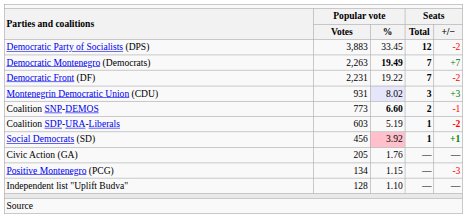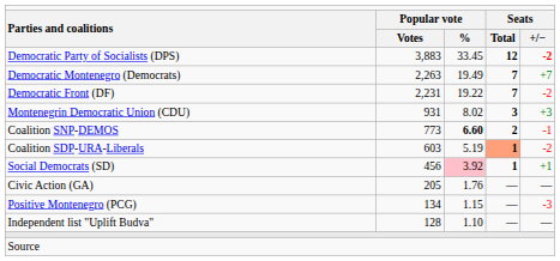 <table class="wikitable" style="text-align:right; font-size:98%; margin-bottom:0">
 <tr>
 <td colspan="6"></td>
 </tr>
 <tr>
 <th style="text-align:left;" rowspan="2" width="500">Parties and coalitions</th>
 <th colspan="2">Popular vote</th>
 <th colspan="2">Seats</th>
 </tr>
 <tr>
 <th width="85">Votes</th>
 <th width="50">%</th>
 <th width="40">Total</th>
 <th width="40">+/−</th>
 </tr>
 <tr>
 <td align="left"><a href='#'>Democratic Party of Socialists</a> (DPS)</td>
 <td>3,883</td>
 <td>33.45</td>
 <td><strong>12</strong></td>
-<td style="color:red;">-2</td>
+<td style="color:red;"><strong>-2</strong></td>
 </tr>
 <tr>
 <td align="left"><a href='#'>Democratic Montenegro</a> (Democrats)</td>
 <td>2,263</td>
-<td><strong>19.49</strong></td>
+<td>19.49</td>
 <td><strong>7</strong></td>
 <td style="color:green;">+7</td>
 </tr>
 <tr>
 <td align="left"><a href='#'>Democratic Front</a> (DF)</td>
 <td>2,231</td>
 <td>19.22</td>
 <td><strong>7</strong></td>
 <td style="color:red;">-2</td>
 </tr>
 <tr>
 <td align="left"><a href='#'>Montenegrin Democratic Union</a> (CDU)</td>
 <td>931</td>
-<td style="background: lavender;">8.02</td>
+<td>8.02</td>
 <td><strong>3</strong></td>
 <td style="color:green;">+3</td>
 </tr>
 <tr>
 <td align="left">Coalition <a href='#'>SNP</a>-<a href='#'>DEMOS</a></td>
 <td>773</td>
 <td><strong>6.60</strong></td>
 <td><strong>2</strong></td>
 <td style="color:red;">-1</td>
 </tr>
 <tr>
 <td align="left">Coalition <a href='#'>SDP</a>-<a href='#'>URA</a>-<a href='#'>Liberals</a></td>
 <td>603</td>
 <td>5.19</td>
-<td><strong>1</strong></td>
-<td style="color:red;"><strong>-2</strong></td>
+<td style="background: lightsalmon;"><strong>1</strong></td>
+<td style="color:red;">-2</td>
 </tr>
 <tr>
 <td align="left"><a href='#'>Social Democrats</a> (SD)</td>
 <td>456</td>
 <td style="background: pink;">3.92</td>
 <td><strong>1</strong></td>
-<td style="color:green;"><strong>+1</strong></td>
+<td style="color:green;">+1</td>
 </tr>
 <tr>
 <td align="left">Civic Action (GA)</td>
 <td>205</td>
 <td>1.76</td>
 <td><strong>—</strong></td>
 <td>—</td>
 </tr>
 <tr>
 <td align="left"><a href='#'>Positive Montenegro</a> (PCG)</td>
 <td>134</td>
 <td>1.15</td>
 <td><strong>—</strong></td>
 <td style="color:red;">-3</td>
 </tr>
 <tr>
 <td align="left">Independent list "Uplift Budva"</td>
 <td>128</td>
 <td>1.10</td>
 <td><strong>—</strong></td>
 <td>—</td>
 </tr>
 <tr>
 <td colspan="6" bgcolor="#E9E9E9"></td>
 </tr>
 <tr>
 <td align="left" colspan="6">Source</td>
 </tr>
 </table>
